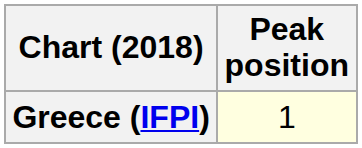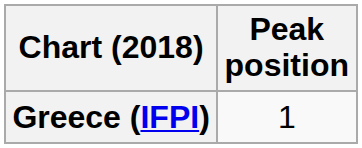 <table class="wikitable sortable plainrowheaders" style="text-align:center">
 <tr>
 <th scope="col">Chart (2018)</th>
 <th scope="col">Peak<br>position</th>
 </tr>
 <tr>
 </tr>
 <tr>
 </tr>
 <tr>
 </tr>
 <tr>
 </tr>
 <tr>
 <th scope="row">Greece (<a href='#'>IFPI</a>)</th>
-<td style="background: lightyellow;">1</td>
+<td>1</td>
 </tr>
 <tr>
 </tr>
 <tr>
 </tr>
 <tr>
 </tr>
 <tr>
 </tr>
 <tr>
 </tr>
 <tr>
 </tr>
 <tr>
 </tr>
 <tr>
 </tr>
 </table>
